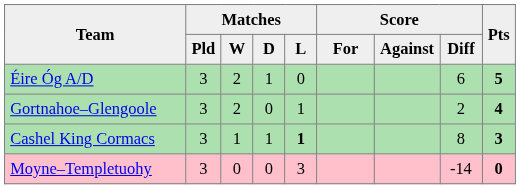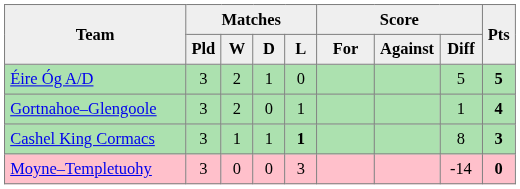 <table style=border-collapse:collapse border=1 cellspacing=0 cellpadding=5>
 <tr align=center bgcolor=#efefef>
 <th rowspan=2 width=165>Team</th>
 <th colspan=4>Matches</th>
 <th colspan=3>Score</th>
 <th rowspan=2width=20>Pts</th>
 </tr>
 <tr align=center bgcolor=#efefef>
 <th width=20>Pld</th>
 <th width=20>W</th>
 <th width=20>D</th>
 <th width=20>L</th>
 <th width=45>For</th>
 <th width=45>Against</th>
 <th width=30>Diff</th>
 </tr>
 <tr align=center style="background:#ACE1AF;">
 <td style="text-align:left;"><a href='#'>Éire Óg A/D</a></td>
 <td>3</td>
 <td>2</td>
 <td>1</td>
 <td>0</td>
 <td></td>
 <td></td>
-<td>6</td>
+<td>5</td>
 <td><strong>5</strong></td>
 </tr>
 <tr align=center style="background:#ACE1AF;">
 <td style="text-align:left;"><a href='#'>Gortnahoe–Glengoole</a></td>
 <td>3</td>
 <td>2</td>
 <td>0</td>
 <td>1</td>
 <td></td>
 <td></td>
-<td>2</td>
+<td>1</td>
 <td><strong>4</strong></td>
 </tr>
 <tr align=center style="background:#ACE1AF;">
 <td style="text-align:left;"><a href='#'>Cashel King Cormacs</a></td>
 <td>3</td>
 <td>1</td>
 <td>1</td>
 <td><strong>1</strong></td>
 <td></td>
 <td></td>
 <td>8</td>
 <td><strong>3</strong></td>
 </tr>
 <tr align=center style="background:#FFC0CB;">
 <td style="text-align:left;"><a href='#'>Moyne–Templetuohy</a></td>
 <td>3</td>
 <td>0</td>
 <td>0</td>
 <td>3</td>
 <td></td>
 <td></td>
 <td>-14</td>
 <td><strong>0</strong></td>
 </tr>
 </table>
